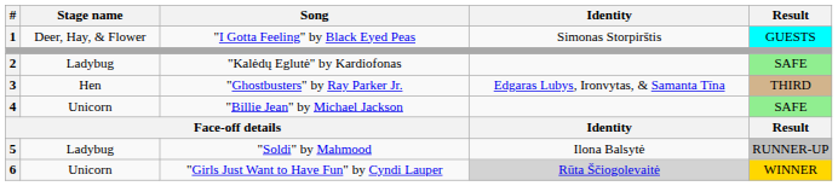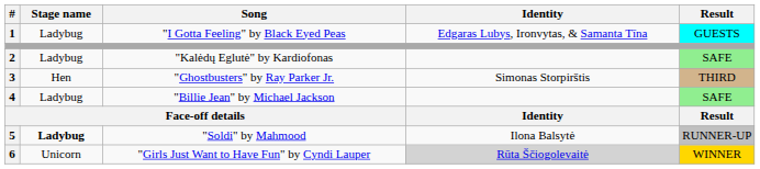 <table class="wikitable plainrowheaders" style="text-align: center;">
 <tr>
 <th>#</th>
 <th>Stage name</th>
 <th>Song</th>
 <th>Identity</th>
 <th>Result</th>
 </tr>
 <tr>
 <th>1</th>
-<td>Deer, Hay, & Flower</td>
+<td>Ladybug</td>
 <td>"<a href='#'>I Gotta Feeling</a>" by <a href='#'>Black Eyed Peas</a></td>
-<td>Simonas Storpirštis</td>
+<td><a href='#'>Edgaras Lubys</a>, Ironvytas, & <a href='#'>Samanta Tīna</a></td>
 <td bgcolor=#00ffff>GUESTS</td>
 </tr>
 <tr>
 <td colspan="5" style="background:darkgray"></td>
 </tr>
 <tr>
 <th>2</th>
 <td>Ladybug</td>
 <td>"Kalėdų Eglutė" by Kardiofonas</td>
 <td></td>
 <td bgcolor="lightgreen">SAFE</td>
 </tr>
 <tr>
 <th>3</th>
 <td>Hen</td>
 <td>"<a href='#'>Ghostbusters</a>" by <a href='#'>Ray Parker Jr.</a></td>
-<td><a href='#'>Edgaras Lubys</a>, Ironvytas, & <a href='#'>Samanta Tīna</a></td>
+<td>Simonas Storpirštis</td>
 <td style="width:10%; background:tan;">THIRD</td>
 </tr>
 <tr>
 <th>4</th>
-<td>Unicorn</td>
+<td>Ladybug</td>
 <td>"<a href='#'>Billie Jean</a>" by <a href='#'>Michael Jackson</a></td>
 <td></td>
 <td bgcolor="lightgreen">SAFE</td>
 </tr>
 <tr>
 <th colspan="3">Face-off details</th>
 <th>Identity</th>
 <th>Result</th>
 </tr>
 <tr>
 <th>5</th>
-<td>Ladybug</td>
+<td><strong>Ladybug</strong></td>
 <td>"<a href='#'>Soldi</a>" by <a href='#'>Mahmood</a></td>
 <td>Ilona Balsytė</td>
 <td bgcolor=silver>RUNNER-UP</td>
 </tr>
 <tr>
 <th>6</th>
 <td>Unicorn</td>
 <td>"<a href='#'>Girls Just Want to Have Fun</a>" by <a href='#'>Cyndi Lauper</a></td>
 <td style="background: lightgrey;"><a href='#'>Rūta Ščiogolevaitė</a></td>
 <td bgcolor=gold>WINNER</td>
 </tr>
 </table>
